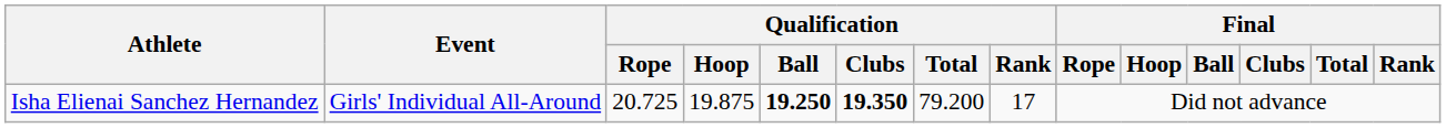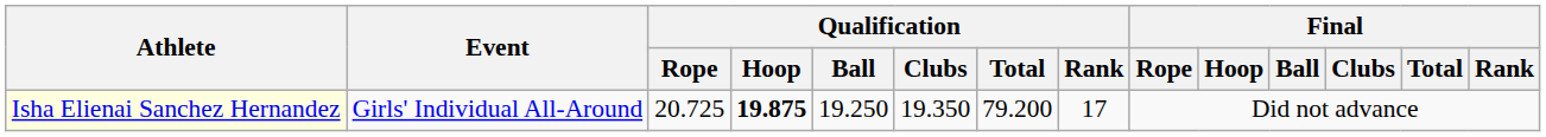 <table class="wikitable" border="1" style="font-size:90%">
 <tr>
 <th rowspan=2>Athlete</th>
 <th rowspan=2>Event</th>
 <th colspan=6>Qualification</th>
 <th colspan=6>Final</th>
 </tr>
 <tr>
 <th>Rope</th>
 <th>Hoop</th>
 <th>Ball</th>
 <th>Clubs</th>
 <th>Total</th>
 <th>Rank</th>
 <th>Rope</th>
 <th>Hoop</th>
 <th>Ball</th>
 <th>Clubs</th>
 <th>Total</th>
 <th>Rank</th>
 </tr>
 <tr>
-<td><a href='#'>Isha Elienai Sanchez Hernandez</a></td>
+<td style="background: lightyellow;"><a href='#'>Isha Elienai Sanchez Hernandez</a></td>
 <td><a href='#'>Girls' Individual All-Around</a></td>
 <td align=center>20.725</td>
-<td align=center>19.875</td>
-<td align=center><strong>19.250</strong></td>
-<td align=center><strong>19.350</strong></td>
+<td align=center><strong>19.875</strong></td>
+<td align=center>19.250</td>
+<td align=center>19.350</td>
 <td align=center>79.200</td>
 <td align=center>17</td>
 <td align=center colspan=6>Did not advance</td>
 </tr>
 </table>
